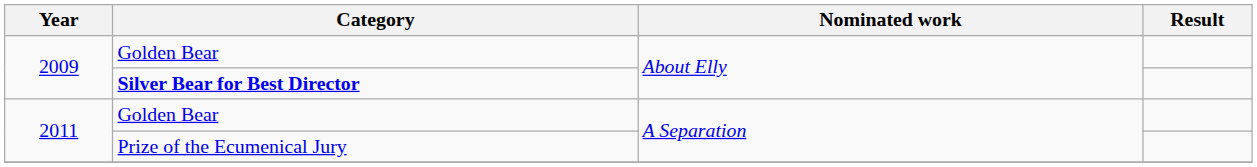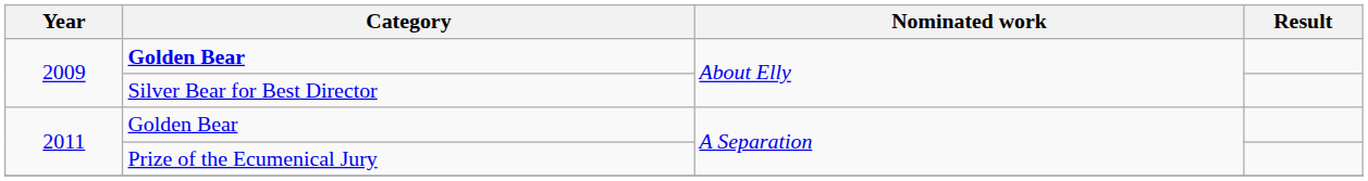 <table class=wikitable>
 <tr>
 <th scope="col" style="width:5em;">Year</th>
 <th scope="col" style="width:26em;">Category</th>
 <th scope="col" style="width:25em;">Nominated work</th>
 <th scope="col" style="width:5em;">Result</th>
 </tr>
 <tr>
 <td rowspan="2", style="text-align:center;"><a href='#'>2009</a></td>
-<td><a href='#'>Golden Bear</a></td>
+<td><strong><a href='#'>Golden Bear</a></strong></td>
 <td rowspan="2"><em><a href='#'>About Elly</a></em></td>
 <td></td>
 </tr>
 <tr>
-<td><strong><a href='#'>Silver Bear for Best Director</a></strong></td>
+<td><a href='#'>Silver Bear for Best Director</a></td>
 <td></td>
 </tr>
 <tr>
 <td rowspan="2", style="text-align:center;"><a href='#'>2011</a></td>
 <td><a href='#'>Golden Bear</a></td>
 <td rowspan="2"><em><a href='#'>A Separation</a></em></td>
 <td></td>
 </tr>
 <tr>
 <td><a href='#'>Prize of the Ecumenical Jury</a></td>
 <td></td>
 </tr>
 <tr>
 </tr>
 </table>
